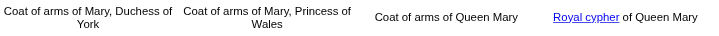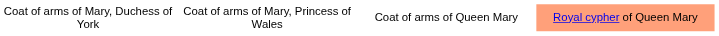 <table border="0" align="center" width="80%">
 <tr>
 <th width=25%></th>
 <th width=25%></th>
 <th width=25%></th>
 <th width=25%></th>
 </tr>
 <tr>
 <td style="text-align: center;">Coat of arms of Mary, Duchess of York</td>
 <td style="text-align: center;">Coat of arms of Mary, Princess of Wales</td>
 <td style="text-align: center;">Coat of arms of Queen Mary</td>
-<td style="text-align: center;"><a href='#'>Royal cypher</a> of Queen Mary</td>
+<td style="background: lightsalmon; text-align: center;"><a href='#'>Royal cypher</a> of Queen Mary</td>
 </tr>
 </table>
